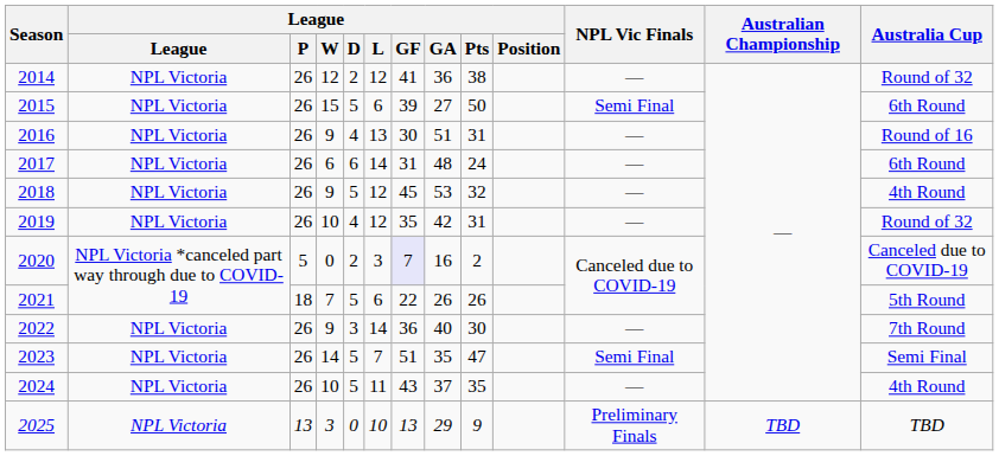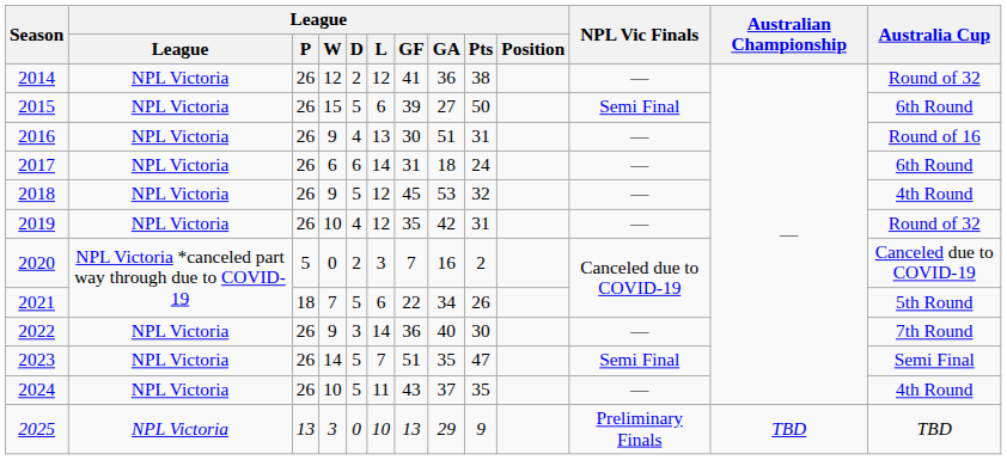 <table class="wikitable sortable" style="text-align: center;">
 <tr>
 <th rowspan="2">Season</th>
 <th colspan="9">League</th>
 <th rowspan="2">NPL Vic Finals</th>
 <th rowspan="2"><a href='#'>Australian Championship</a></th>
 <th rowspan="2"><a href='#'>Australia Cup</a></th>
 </tr>
 <tr>
 <th>League</th>
 <th>P</th>
 <th>W</th>
 <th>D</th>
 <th>L</th>
 <th>GF</th>
 <th>GA</th>
 <th>Pts</th>
 <th>Position</th>
 </tr>
 <tr>
 <td><a href='#'>2014</a></td>
 <td><a href='#'>NPL Victoria</a></td>
 <td>26</td>
 <td>12</td>
 <td>2</td>
 <td>12</td>
 <td>41</td>
 <td>36</td>
 <td>38</td>
 <td></td>
 <td>—</td>
 <td rowspan="11">—</td>
 <td><a href='#'>Round of 32</a></td>
 </tr>
 <tr>
 <td><a href='#'>2015</a></td>
 <td><a href='#'>NPL Victoria</a></td>
 <td>26</td>
 <td>15</td>
 <td>5</td>
 <td>6</td>
 <td>39</td>
 <td>27</td>
 <td>50</td>
 <td></td>
 <td><a href='#'>Semi Final</a></td>
 <td><a href='#'>6th Round</a></td>
 </tr>
 <tr>
 <td><a href='#'>2016</a></td>
 <td><a href='#'>NPL Victoria</a></td>
 <td>26</td>
 <td>9</td>
 <td>4</td>
 <td>13</td>
 <td>30</td>
 <td>51</td>
 <td>31</td>
 <td></td>
 <td>—</td>
 <td><a href='#'>Round of 16</a></td>
 </tr>
 <tr>
 <td><a href='#'>2017</a></td>
 <td><a href='#'>NPL Victoria</a></td>
 <td>26</td>
 <td>6</td>
 <td>6</td>
 <td>14</td>
 <td>31</td>
-<td>48</td>
+<td>18</td>
 <td>24</td>
 <td></td>
 <td>—</td>
 <td><a href='#'>6th Round</a></td>
 </tr>
 <tr>
 <td><a href='#'>2018</a></td>
 <td><a href='#'>NPL Victoria</a></td>
 <td>26</td>
 <td>9</td>
 <td>5</td>
 <td>12</td>
 <td>45</td>
 <td>53</td>
 <td>32</td>
 <td></td>
 <td>—</td>
 <td><a href='#'>4th Round</a></td>
 </tr>
 <tr>
 <td><a href='#'>2019</a></td>
 <td><a href='#'>NPL Victoria</a></td>
 <td>26</td>
 <td>10</td>
 <td>4</td>
 <td>12</td>
 <td>35</td>
 <td>42</td>
 <td>31</td>
 <td></td>
 <td>—</td>
 <td><a href='#'>Round of 32</a></td>
 </tr>
 <tr>
 <td><a href='#'>2020</a></td>
 <td rowspan="2"><a href='#'>NPL Victoria</a> *canceled part way through due to <a href='#'>COVID-19</a></td>
 <td>5</td>
 <td>0</td>
 <td>2</td>
 <td>3</td>
-<td style="background: lavender;">7</td>
+<td>7</td>
 <td>16</td>
 <td>2</td>
 <td></td>
 <td rowspan="2">Canceled due to <a href='#'>COVID-19</a></td>
 <td><a href='#'>Canceled</a> due to <a href='#'>COVID-19</a></td>
 </tr>
 <tr>
 <td><a href='#'>2021</a></td>
 <td>18</td>
 <td>7</td>
 <td>5</td>
 <td>6</td>
 <td>22</td>
-<td>26</td>
+<td>34</td>
 <td>26</td>
 <td></td>
 <td><a href='#'>5th Round</a></td>
 </tr>
 <tr>
 <td><a href='#'>2022</a></td>
 <td><a href='#'>NPL Victoria</a></td>
 <td>26</td>
 <td>9</td>
 <td>3</td>
 <td>14</td>
 <td>36</td>
 <td>40</td>
 <td>30</td>
 <td></td>
 <td>—</td>
 <td><a href='#'>7th Round</a></td>
 </tr>
 <tr>
 <td><a href='#'>2023</a></td>
 <td><a href='#'>NPL Victoria</a></td>
 <td>26</td>
 <td>14</td>
 <td>5</td>
 <td>7</td>
 <td>51</td>
 <td>35</td>
 <td>47</td>
 <td></td>
 <td><a href='#'>Semi Final</a></td>
 <td><a href='#'>Semi Final</a></td>
 </tr>
 <tr>
 <td><a href='#'>2024</a></td>
 <td><a href='#'>NPL Victoria</a></td>
 <td>26</td>
 <td>10</td>
 <td>5</td>
 <td>11</td>
 <td>43</td>
 <td>37</td>
 <td>35</td>
 <td></td>
 <td>—</td>
 <td><a href='#'>4th Round</a></td>
 </tr>
 <tr>
 <td><a href='#'><em>2025</em></a></td>
 <td><a href='#'><em>NPL Victoria</em></a></td>
 <td><em>13</em></td>
 <td><em>3</em></td>
 <td><em>0</em></td>
 <td><em>10</em></td>
 <td><em>13</em></td>
 <td><em>29</em></td>
 <td><em>9</em></td>
 <td><em></em></td>
 <td><a href='#'>Preliminary Finals</a></td>
 <td><a href='#'><em>TBD</em></a></td>
 <td><em>TBD</em></td>
 </tr>
 </table>
